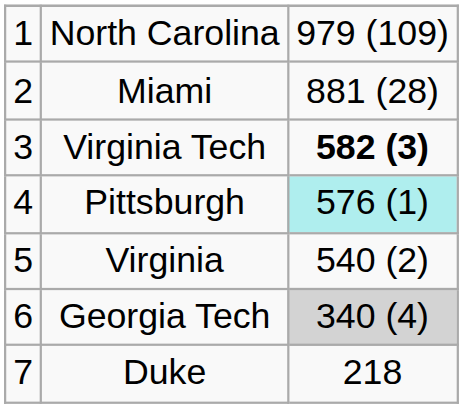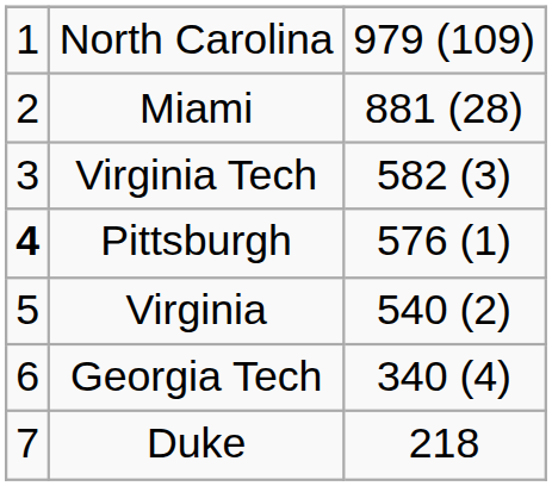 <table class="wikitable" style="display: inline-table;">
 <tr align="center">
 </tr>
 <tr align="center">
 <td>1</td>
 <td>North Carolina</td>
 <td>979 (109)</td>
 </tr>
 <tr align="center">
 <td>2</td>
 <td>Miami</td>
 <td>881 (28)</td>
 </tr>
 <tr align="center">
 <td>3</td>
 <td>Virginia Tech</td>
-<td><strong>582 (3)</strong></td>
+<td>582 (3)</td>
 </tr>
 <tr align="center">
-<td>4</td>
+<td><strong>4</strong></td>
 <td>Pittsburgh</td>
-<td style="background: paleturquoise;">576 (1)</td>
+<td>576 (1)</td>
 </tr>
 <tr align="center">
 <td>5</td>
 <td>Virginia</td>
 <td>540 (2)</td>
 </tr>
 <tr align="center">
 <td>6</td>
 <td>Georgia Tech</td>
-<td style="background: lightgrey;">340 (4)</td>
+<td>340 (4)</td>
 </tr>
 <tr align="center">
 <td>7</td>
 <td>Duke</td>
 <td>218</td>
 </tr>
 </table>
